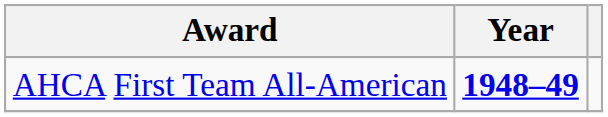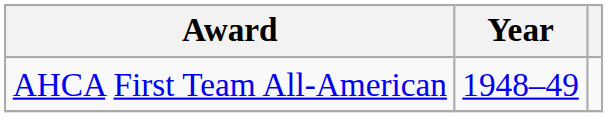 <table class="wikitable">
 <tr>
 <th>Award</th>
 <th>Year</th>
 <th></th>
 </tr>
 <tr>
 <td><a href='#'>AHCA</a> <a href='#'>First Team All-American</a></td>
-<td><strong><a href='#'>1948–49</a></strong></td>
+<td><a href='#'>1948–49</a></td>
 <td></td>
 </tr>
 <tr>
 </tr>
 </table>
